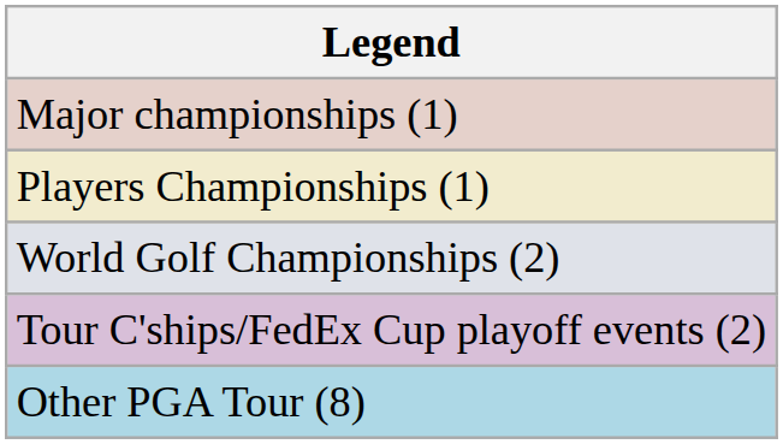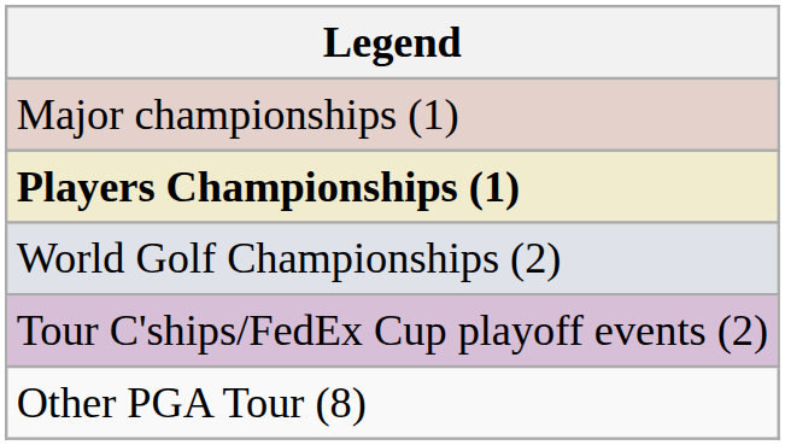 <table class="wikitable" style="font-size:95%;">
 <tr>
 <th>Legend</th>
 </tr>
 <tr style="background:#e5d1cb;">
 <td>Major championships (1)</td>
 </tr>
 <tr style="background:#f2ecce;">
-<td>Players Championships (1)</td>
+<td><strong>Players Championships (1)</strong></td>
 </tr>
 <tr style="background:#dfe2e9;">
 <td>World Golf Championships (2)</td>
 </tr>
 <tr style="background:thistle;">
 <td>Tour C'ships/FedEx Cup playoff events (2)</td>
 </tr>
 <tr>
-<td style="background: lightblue;">Other PGA Tour (8)</td>
+<td>Other PGA Tour (8)</td>
 </tr>
 </table>
